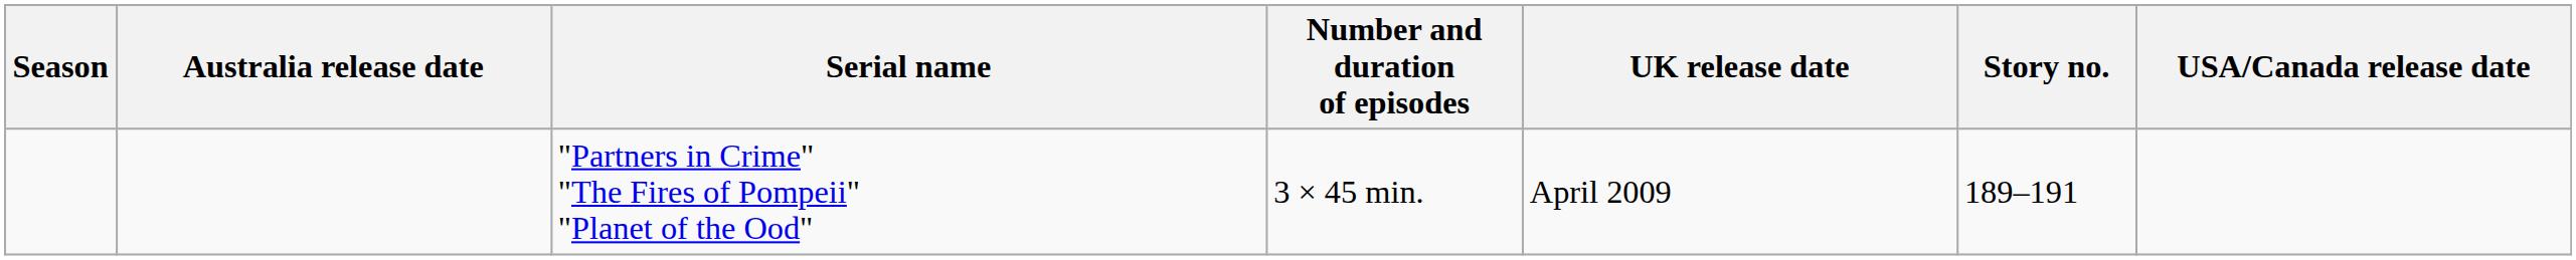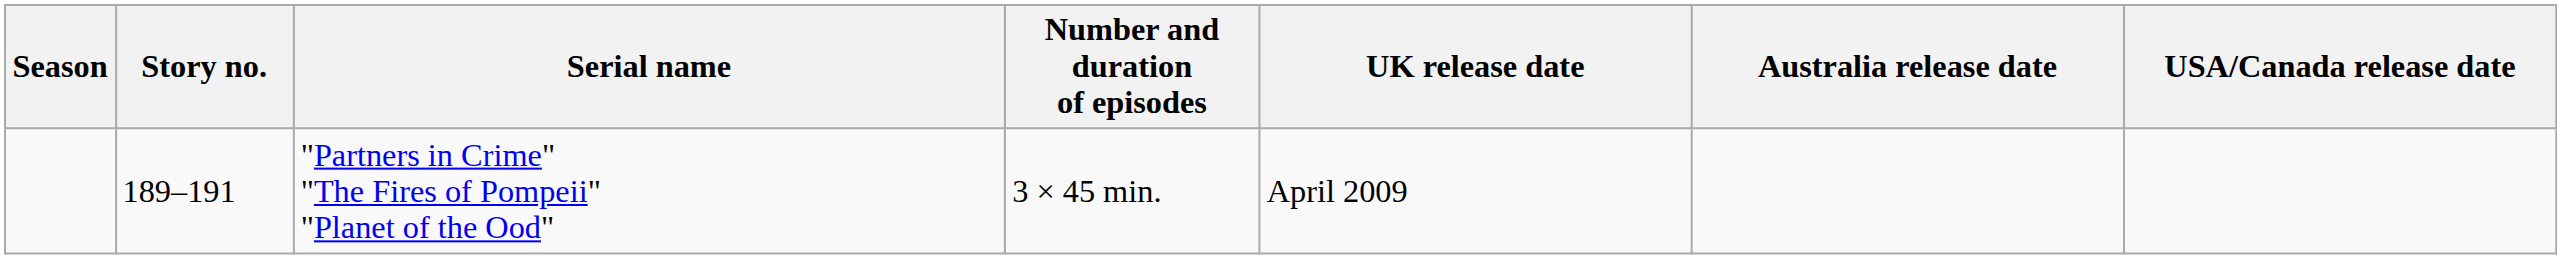 <table class="wikitable sortable" style="width:100%;">
 <tr>
 <th style="width:4%;">Season</th>
-<th style="width:17%;">Australia  release date</th>
+<th style="width:7%;">Story no.</th>
 <th style="width:28%;">Serial name</th>
 <th style="width:10%;">Number and duration<br>of episodes</th>
 <th style="width:17%;">UK release date</th>
-<th style="width:7%;">Story no.</th>
+<th style="width:17%;">Australia  release date</th>
 <th style="width:17%;">USA/Canada release date</th>
 </tr>
 <tr>
 <td rowspan="1"></td>
-<td></td>
+<td>189–191</td>
 <td>"<a href='#'>Partners in Crime</a>" <br> "<a href='#'>The Fires of Pompeii</a>" <br> "<a href='#'>Planet of the Ood</a>"</td>
 <td>3 × 45 min.</td>
 <td data-sort-value="2009-04">April 2009</td>
-<td>189–191</td>
+<td></td>
 <td></td>
 </tr>
 </table>
